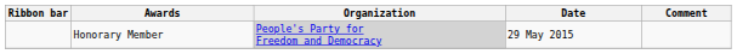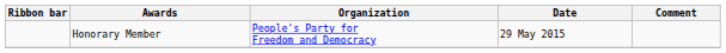 <table class="wikitable" style="width:60%;">
 <tr>
 <th style="width:80px;">Ribbon bar</th>
 <th>Awards</th>
 <th>Organization</th>
 <th>Date</th>
 <th>Comment</th>
 </tr>
 <tr>
 <td></td>
 <td>Honorary Member</td>
-<td style="background: lightgrey;"><a href='#'>People's Party for <br> Freedom and Democracy</a></td>
+<td><a href='#'>People's Party for <br> Freedom and Democracy</a></td>
 <td>29 May 2015</td>
 <td></td>
 </tr>
 <tr>
 </tr>
 </table>
